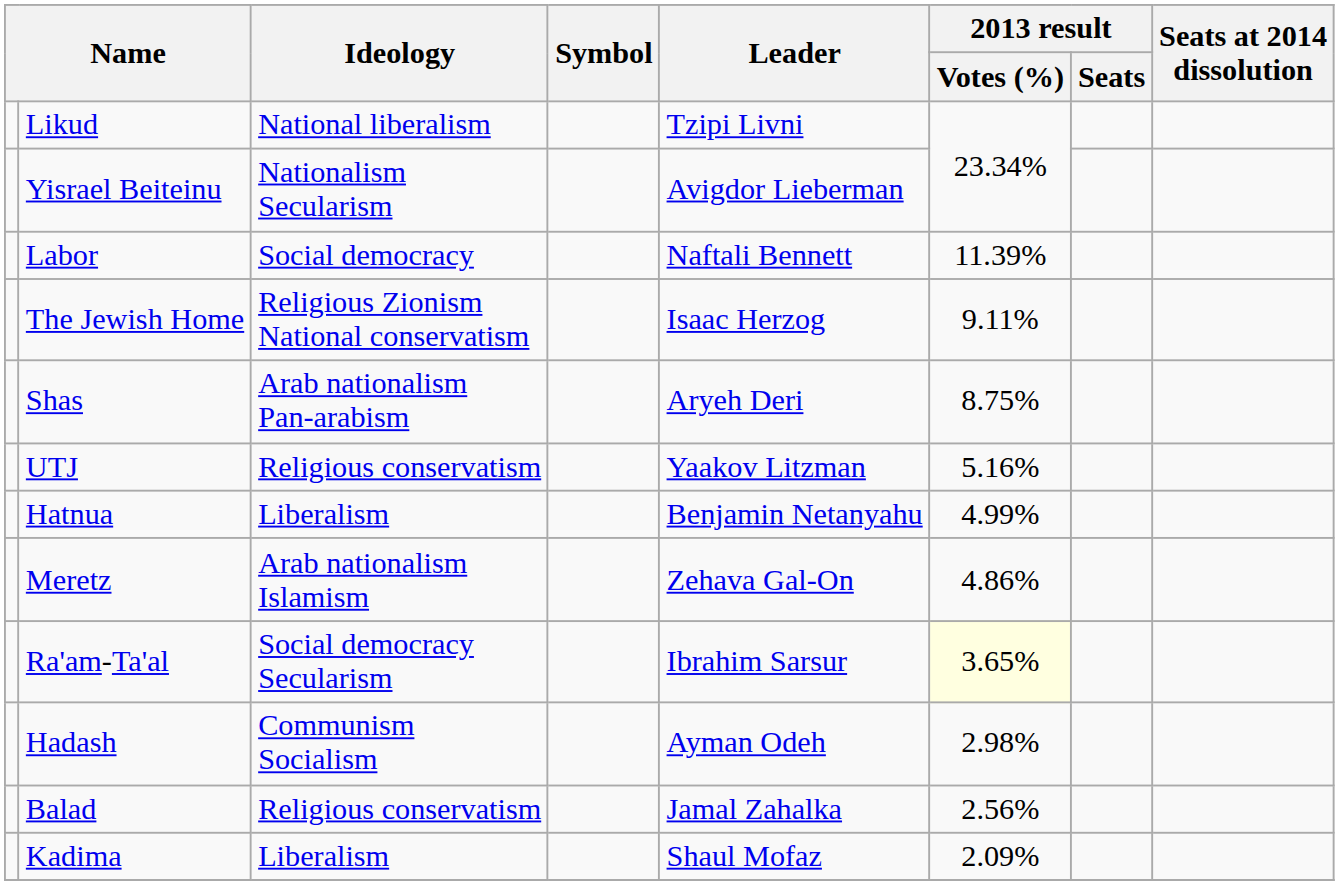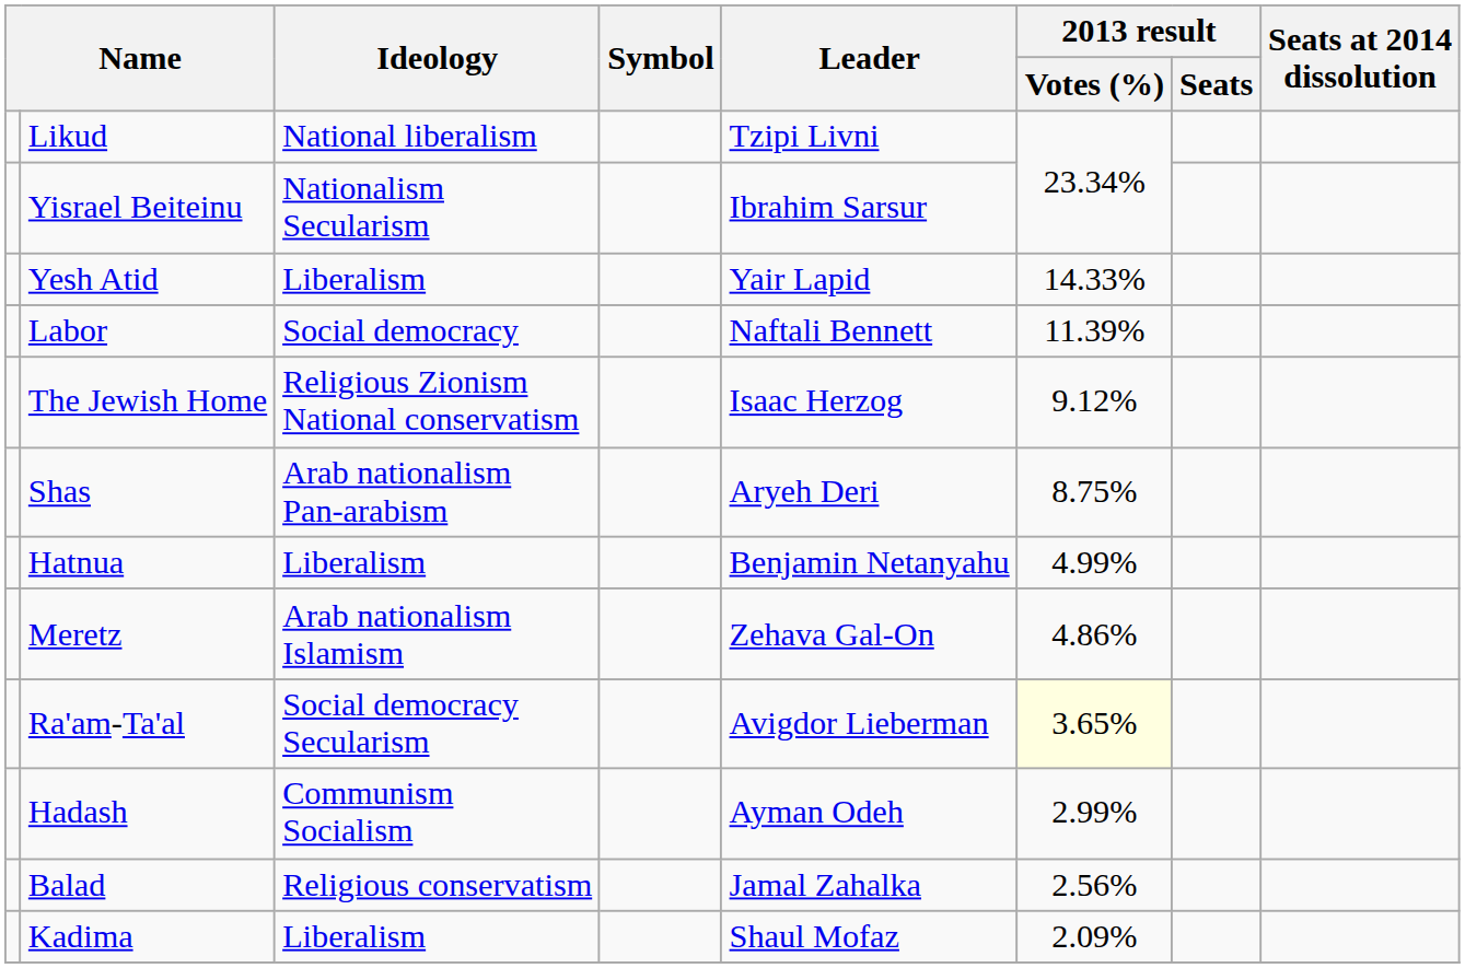 <table class="wikitable">
 <tr>
 <th rowspan="2" colspan=2>Name</th>
 <th rowspan="2">Ideology</th>
 <th rowspan="2">Symbol</th>
 <th rowspan="2">Leader</th>
 <th colspan="2">2013 result</th>
 <th rowspan="2">Seats at 2014<br>dissolution</th>
 </tr>
 <tr>
 <th>Votes (%)</th>
 <th>Seats</th>
 </tr>
 <tr>
 <td style="background:"></td>
 <td><a href='#'>Likud</a></td>
 <td><a href='#'>National liberalism</a></td>
 <td></td>
 <td><a href='#'>Tzipi Livni</a></td>
 <td style="text-align:center;" rowspan=2>23.34%</td>
 <td></td>
 <td></td>
 </tr>
 <tr>
 <td style="background:"></td>
 <td><a href='#'>Yisrael Beiteinu</a></td>
 <td><a href='#'>Nationalism</a><br><a href='#'>Secularism</a></td>
 <td></td>
-<td><a href='#'>Avigdor Lieberman</a></td>
+<td><a href='#'>Ibrahim Sarsur</a></td>
+<td></td>
+<td></td>
+</tr>
+<tr>
+<td style="background:"></td>
+<td><a href='#'>Yesh Atid</a></td>
+<td><a href='#'>Liberalism</a></td>
+<td></td>
+<td><a href='#'>Yair Lapid</a></td>
+<td style="text-align:center;">14.33%</td>
 <td></td>
 <td></td>
 </tr>
 <tr>
 <td style="background:"></td>
 <td><a href='#'>Labor</a></td>
 <td><a href='#'>Social democracy</a></td>
 <td></td>
 <td><a href='#'>Naftali Bennett</a></td>
 <td style="text-align:center;">11.39%</td>
 <td></td>
 <td></td>
 </tr>
 <tr>
 <td style="background:"></td>
 <td><a href='#'>The Jewish Home</a></td>
 <td><a href='#'>Religious Zionism</a><br><a href='#'>National conservatism</a></td>
 <td></td>
 <td><a href='#'>Isaac Herzog</a></td>
-<td style="text-align:center;">9.11%</td>
+<td style="text-align:center;">9.12%</td>
 <td></td>
 <td></td>
 </tr>
 <tr>
 <td style="background:"></td>
 <td><a href='#'>Shas</a></td>
 <td><a href='#'>Arab nationalism</a><br><a href='#'>Pan-arabism</a></td>
 <td></td>
 <td><a href='#'>Aryeh Deri</a></td>
 <td style="text-align:center;">8.75%</td>
-<td></td>
-<td></td>
-</tr>
-<tr>
-<td style="background:"></td>
-<td><a href='#'>UTJ</a></td>
-<td><a href='#'>Religious conservatism</a></td>
-<td></td>
-<td><a href='#'>Yaakov Litzman</a></td>
-<td style="text-align:center;">5.16%</td>
 <td></td>
 <td></td>
 </tr>
 <tr>
 <td style="background:"></td>
 <td><a href='#'>Hatnua</a></td>
 <td><a href='#'>Liberalism</a></td>
 <td></td>
 <td><a href='#'>Benjamin Netanyahu</a></td>
 <td style="text-align:center;">4.99%</td>
 <td></td>
 <td></td>
 </tr>
 <tr>
 <td style="background:"></td>
 <td><a href='#'>Meretz</a></td>
 <td><a href='#'>Arab nationalism</a><br><a href='#'>Islamism</a></td>
 <td></td>
 <td><a href='#'>Zehava Gal-On</a></td>
 <td style="text-align:center;">4.86%</td>
 <td></td>
 <td></td>
 </tr>
 <tr>
 <td style="background:"></td>
 <td><a href='#'>Ra'am</a>-<a href='#'>Ta'al</a></td>
 <td><a href='#'>Social democracy</a><br><a href='#'>Secularism</a></td>
 <td></td>
-<td><a href='#'>Ibrahim Sarsur</a></td>
+<td><a href='#'>Avigdor Lieberman</a></td>
 <td style="background: lightyellow; text-align:center;">3.65%</td>
 <td></td>
 <td></td>
 </tr>
 <tr>
 <td style="background:"></td>
 <td><a href='#'>Hadash</a></td>
 <td><a href='#'>Communism</a><br><a href='#'>Socialism</a></td>
 <td></td>
 <td><a href='#'>Ayman Odeh</a></td>
-<td style="text-align:center;">2.98%</td>
+<td style="text-align:center;">2.99%</td>
 <td></td>
 <td></td>
 </tr>
 <tr>
 <td style="background:"></td>
 <td><a href='#'>Balad</a></td>
 <td><a href='#'>Religious conservatism</a></td>
 <td></td>
 <td><a href='#'>Jamal Zahalka</a></td>
 <td style="text-align:center;">2.56%</td>
 <td></td>
 <td></td>
 </tr>
 <tr>
 <td style="background:"></td>
 <td><a href='#'>Kadima</a></td>
 <td><a href='#'>Liberalism</a></td>
 <td></td>
 <td><a href='#'>Shaul Mofaz</a></td>
 <td style="text-align:center;">2.09%</td>
 <td></td>
 <td></td>
 </tr>
 <tr>
 </tr>
 </table>
